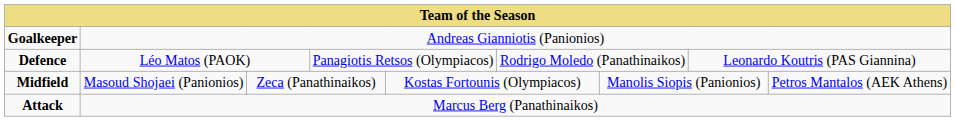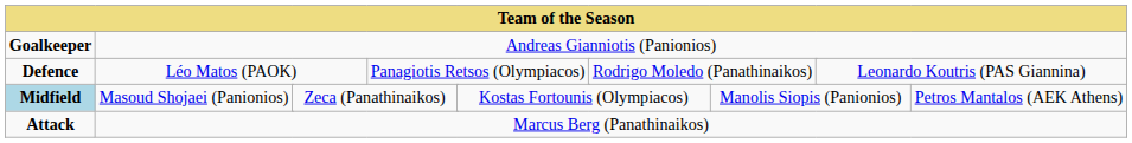 <table class="wikitable" style="text-align:center">
 <tr>
 <th colspan="21" style="background-color: #eedd82">Team of the Season</th>
 </tr>
 <tr>
 <td><strong>Goalkeeper</strong></td>
 <td colspan="20"> <a href='#'>Andreas Gianniotis</a> (Panionios)</td>
 </tr>
 <tr>
 <td><strong>Defence</strong></td>
 <td colspan="5"> <a href='#'>Léo Matos</a> (PAOK)</td>
 <td colspan="5"> <a href='#'>Panagiotis Retsos</a> (Olympiacos)</td>
 <td colspan="5"> <a href='#'>Rodrigo Moledo</a> (Panathinaikos)</td>
 <td colspan="5"> <a href='#'>Leonardo Koutris</a> (PAS Giannina)</td>
 </tr>
 <tr>
-<td><strong>Midfield</strong></td>
+<td style="background: lightblue;"><strong>Midfield</strong></td>
 <td colspan="4"> <a href='#'>Masoud Shojaei</a> (Panionios)</td>
 <td colspan="4"> <a href='#'>Zeca</a> (Panathinaikos)</td>
 <td colspan="4"> <a href='#'>Kostas Fortounis</a> (Olympiacos)</td>
 <td colspan="4"> <a href='#'>Manolis Siopis</a> (Panionios)</td>
 <td colspan="4"> <a href='#'>Petros Mantalos</a> (AEK Athens)</td>
 </tr>
 <tr>
 <td><strong>Attack</strong></td>
 <td colspan="20"> <a href='#'>Marcus Berg</a> (Panathinaikos)</td>
 </tr>
 </table>
